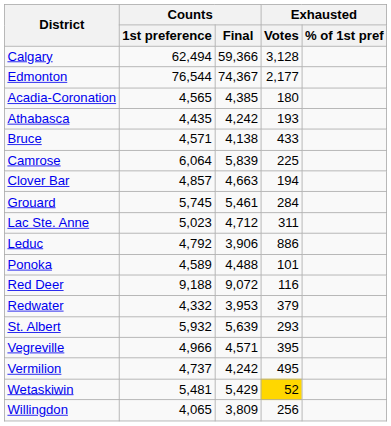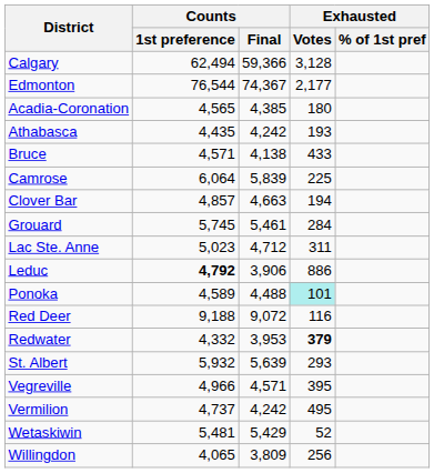 <table class="wikitable" style="text-align:right;">
 <tr>
 <th rowspan="2">District</th>
 <th colspan="2">Counts</th>
 <th colspan="3">Exhausted</th>
 </tr>
 <tr>
 <th>1st preference</th>
 <th>Final</th>
 <th>Votes</th>
 <th colspan="2">% of 1st pref</th>
 </tr>
 <tr>
 <td style="text-align:left;"><a href='#'>Calgary</a></td>
 <td>62,494</td>
 <td>59,366</td>
 <td>3,128</td>
 <td></td>
 </tr>
 <tr>
 <td style="text-align:left;"><a href='#'>Edmonton</a></td>
 <td>76,544</td>
 <td>74,367</td>
 <td>2,177</td>
 <td></td>
 </tr>
 <tr>
 <td style="text-align:left;"><a href='#'>Acadia-Coronation</a></td>
 <td>4,565</td>
 <td>4,385</td>
 <td>180</td>
 <td></td>
 </tr>
 <tr>
 <td style="text-align:left;"><a href='#'>Athabasca</a></td>
 <td>4,435</td>
 <td>4,242</td>
 <td>193</td>
 <td></td>
 </tr>
 <tr>
 <td style="text-align:left;"><a href='#'>Bruce</a></td>
 <td>4,571</td>
 <td>4,138</td>
 <td>433</td>
 <td></td>
 </tr>
 <tr>
 <td style="text-align:left;"><a href='#'>Camrose</a></td>
 <td>6,064</td>
 <td>5,839</td>
 <td>225</td>
 <td></td>
 </tr>
 <tr>
 <td style="text-align:left;"><a href='#'>Clover Bar</a></td>
 <td>4,857</td>
 <td>4,663</td>
 <td>194</td>
 <td></td>
 </tr>
 <tr>
 <td style="text-align:left;"><a href='#'>Grouard</a></td>
 <td>5,745</td>
 <td>5,461</td>
 <td>284</td>
 <td></td>
 </tr>
 <tr>
 <td style="text-align:left;"><a href='#'>Lac Ste. Anne</a></td>
 <td>5,023</td>
 <td>4,712</td>
 <td>311</td>
 <td></td>
 </tr>
 <tr>
 <td style="text-align:left;"><a href='#'>Leduc</a></td>
-<td>4,792</td>
+<td><strong>4,792</strong></td>
 <td>3,906</td>
 <td>886</td>
 <td></td>
 </tr>
 <tr>
 <td style="text-align:left;"><a href='#'>Ponoka</a></td>
 <td>4,589</td>
 <td>4,488</td>
-<td>101</td>
+<td style="background: paleturquoise;">101</td>
 <td></td>
 </tr>
 <tr>
 <td style="text-align:left;"><a href='#'>Red Deer</a></td>
 <td>9,188</td>
 <td>9,072</td>
 <td>116</td>
 <td></td>
 </tr>
 <tr>
 <td style="text-align:left;"><a href='#'>Redwater</a></td>
 <td>4,332</td>
 <td>3,953</td>
-<td>379</td>
+<td><strong>379</strong></td>
 <td></td>
 </tr>
 <tr>
 <td style="text-align:left;"><a href='#'>St. Albert</a></td>
 <td>5,932</td>
 <td>5,639</td>
 <td>293</td>
 <td></td>
 </tr>
 <tr>
 <td style="text-align:left;"><a href='#'>Vegreville</a></td>
 <td>4,966</td>
 <td>4,571</td>
 <td>395</td>
 <td></td>
 </tr>
 <tr>
 <td style="text-align:left;"><a href='#'>Vermilion</a></td>
 <td>4,737</td>
 <td>4,242</td>
 <td>495</td>
 <td></td>
 </tr>
 <tr>
 <td style="text-align:left;"><a href='#'>Wetaskiwin</a></td>
 <td>5,481</td>
 <td>5,429</td>
-<td style="background: gold;">52</td>
+<td>52</td>
 <td></td>
 </tr>
 <tr>
 <td style="text-align:left;"><a href='#'>Willingdon</a></td>
 <td>4,065</td>
 <td>3,809</td>
 <td>256</td>
 <td></td>
 </tr>
 </table>
